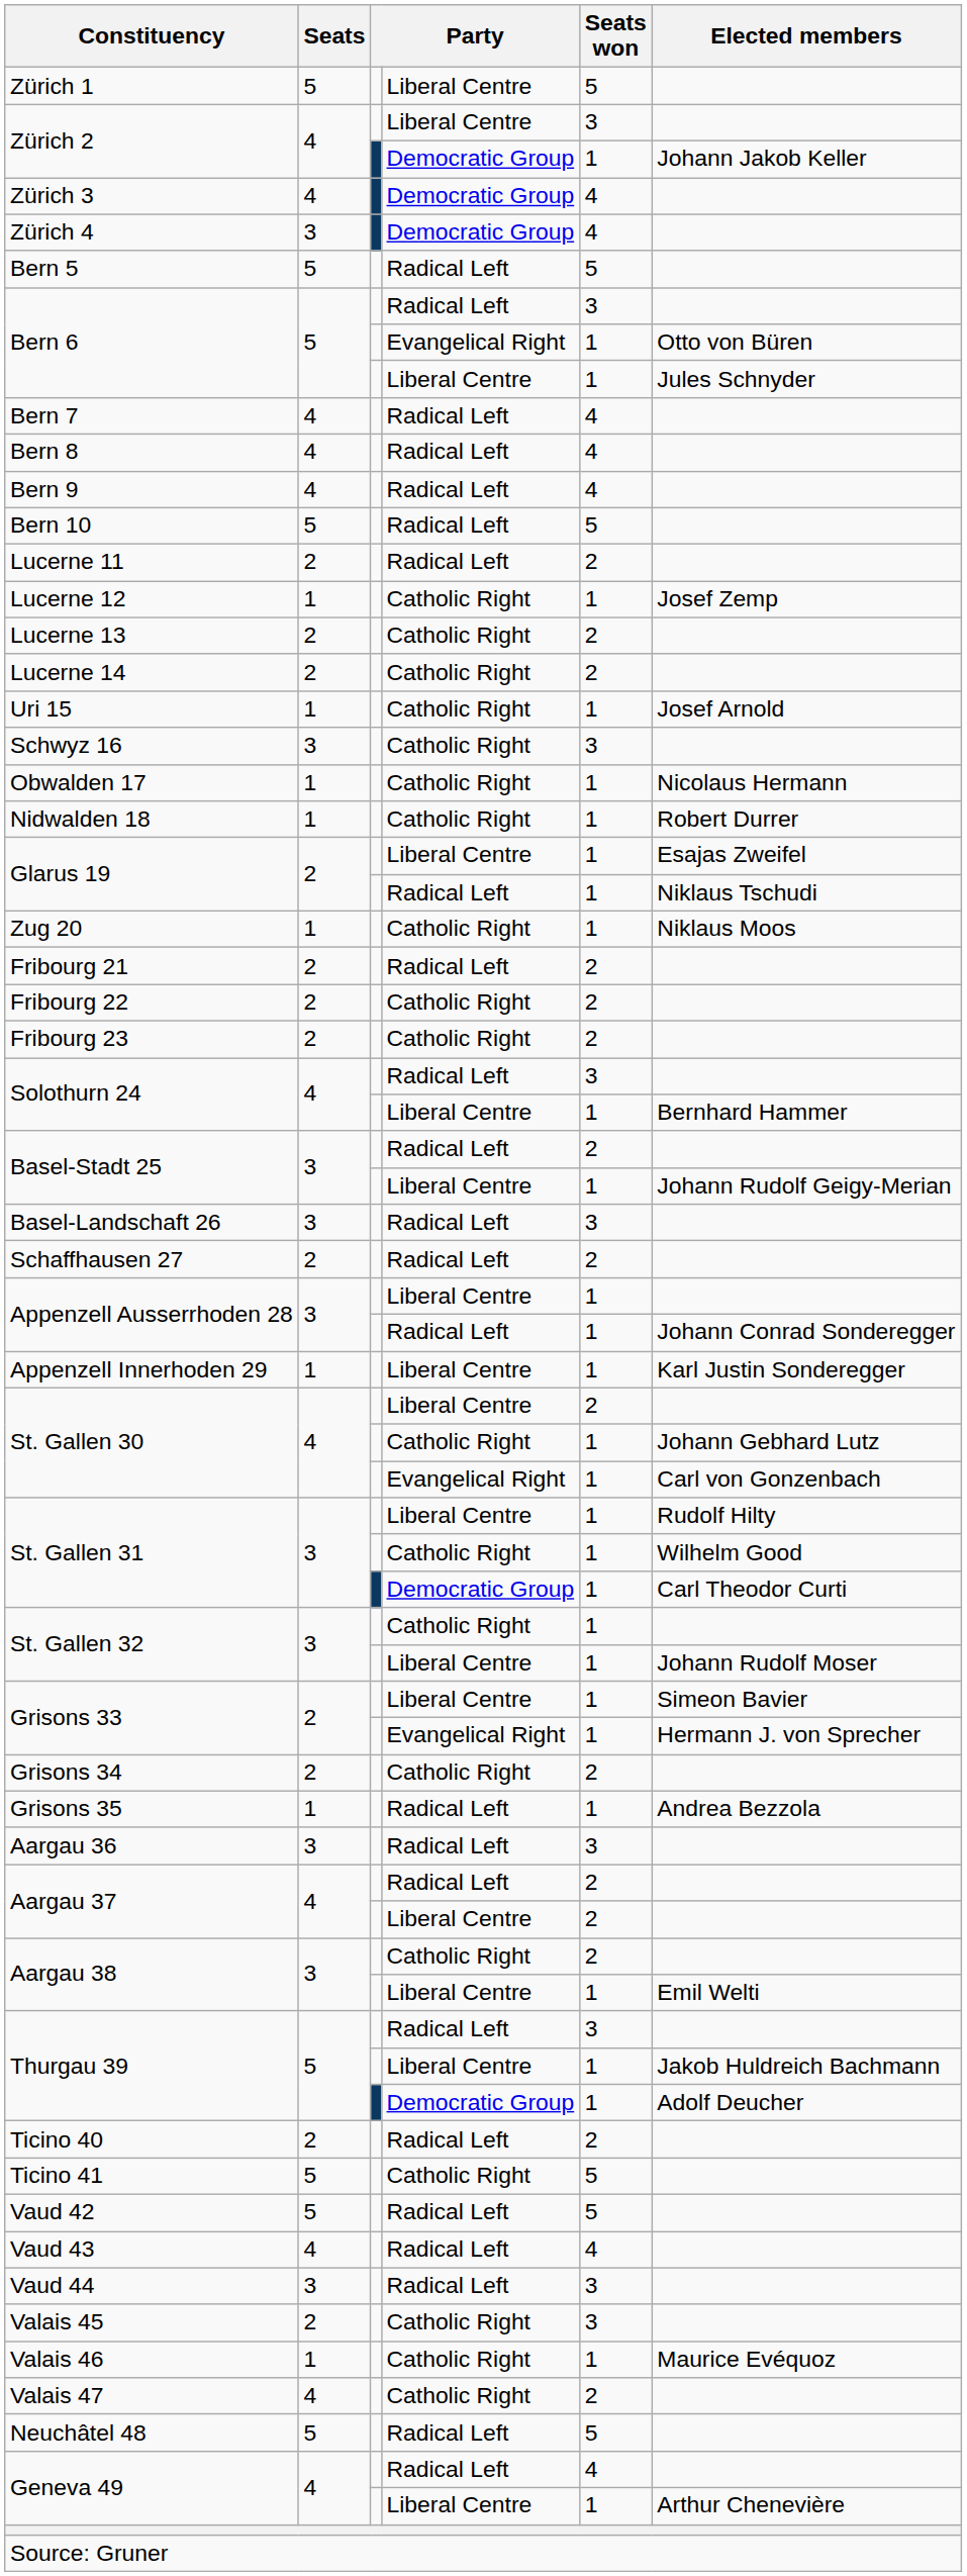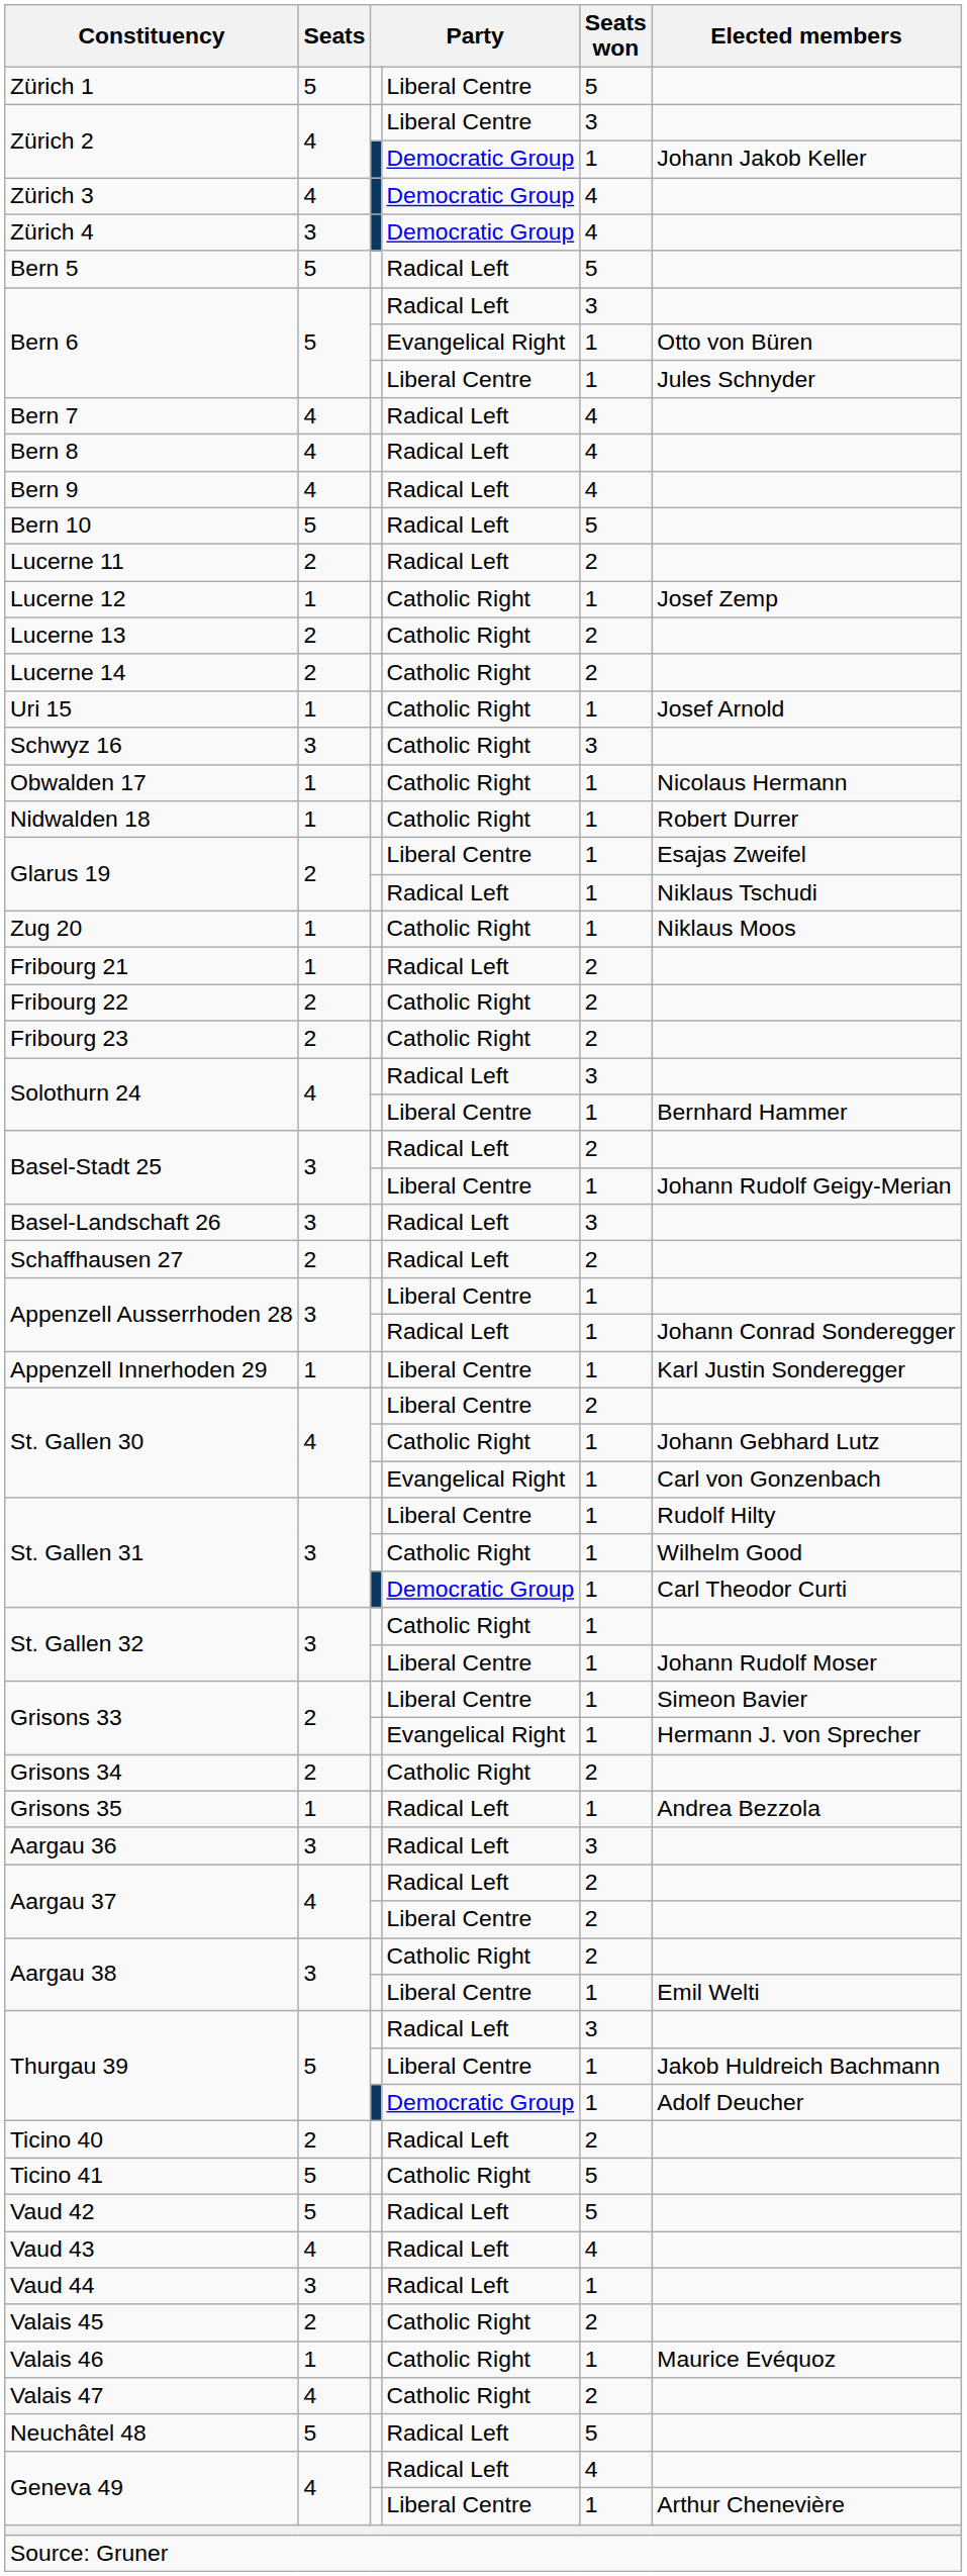 <table class="wikitable">
 <tr>
 <th>Constituency</th>
 <th>Seats</th>
 <th colspan="2">Party</th>
 <th>Seats<br>won</th>
 <th>Elected members</th>
 </tr>
 <tr>
 <td>Zürich 1</td>
 <td>5</td>
 <td style="color:inherit;background:"></td>
 <td>Liberal Centre</td>
 <td>5</td>
 <td></td>
 </tr>
 <tr>
 <td rowspan="2">Zürich 2</td>
 <td rowspan="2">4</td>
 <td style="color:inherit;background:"></td>
 <td>Liberal Centre</td>
 <td>3</td>
 <td></td>
 </tr>
 <tr>
 <td style="color:inherit;background:#0B3861"></td>
 <td><a href='#'>Democratic Group</a></td>
 <td>1</td>
 <td>Johann Jakob Keller</td>
 </tr>
 <tr>
 <td>Zürich 3</td>
 <td>4</td>
 <td style="color:inherit;background:#0B3861"></td>
 <td><a href='#'>Democratic Group</a></td>
 <td>4</td>
 <td></td>
 </tr>
 <tr>
 <td>Zürich 4</td>
 <td>3</td>
 <td style="color:inherit;background:#0B3861"></td>
 <td><a href='#'>Democratic Group</a></td>
 <td>4</td>
 <td></td>
 </tr>
 <tr>
 <td>Bern 5</td>
 <td>5</td>
 <td style="color:inherit;background:"></td>
 <td>Radical Left</td>
 <td>5</td>
 <td></td>
 </tr>
 <tr>
 <td rowspan="3">Bern 6</td>
 <td rowspan="3">5</td>
 <td style="color:inherit;background:"></td>
 <td>Radical Left</td>
 <td>3</td>
 <td></td>
 </tr>
 <tr>
 <td style="color:inherit;background:"></td>
 <td>Evangelical Right</td>
 <td>1</td>
 <td>Otto von Büren</td>
 </tr>
 <tr>
 <td style="color:inherit;background:"></td>
 <td>Liberal Centre</td>
 <td>1</td>
 <td>Jules Schnyder</td>
 </tr>
 <tr>
 <td>Bern 7</td>
 <td>4</td>
 <td style="color:inherit;background:"></td>
 <td>Radical Left</td>
 <td>4</td>
 <td></td>
 </tr>
 <tr>
 <td>Bern 8</td>
 <td>4</td>
 <td style="color:inherit;background:"></td>
 <td>Radical Left</td>
 <td>4</td>
 <td></td>
 </tr>
 <tr>
 <td>Bern 9</td>
 <td>4</td>
 <td style="color:inherit;background:"></td>
 <td>Radical Left</td>
 <td>4</td>
 <td></td>
 </tr>
 <tr>
 <td>Bern 10</td>
 <td>5</td>
 <td style="color:inherit;background:"></td>
 <td>Radical Left</td>
 <td>5</td>
 <td></td>
 </tr>
 <tr>
 <td>Lucerne 11</td>
 <td>2</td>
 <td style="color:inherit;background:"></td>
 <td>Radical Left</td>
 <td>2</td>
 <td></td>
 </tr>
 <tr>
 <td>Lucerne 12</td>
 <td>1</td>
 <td style="color:inherit;background:"></td>
 <td>Catholic Right</td>
 <td>1</td>
 <td>Josef Zemp</td>
 </tr>
 <tr>
 <td>Lucerne 13</td>
 <td>2</td>
 <td style="color:inherit;background:"></td>
 <td>Catholic Right</td>
 <td>2</td>
 <td></td>
 </tr>
 <tr>
 <td>Lucerne 14</td>
 <td>2</td>
 <td style="color:inherit;background:"></td>
 <td>Catholic Right</td>
 <td>2</td>
 <td></td>
 </tr>
 <tr>
 <td>Uri 15</td>
 <td>1</td>
 <td style="color:inherit;background:"></td>
 <td>Catholic Right</td>
 <td>1</td>
 <td>Josef Arnold</td>
 </tr>
 <tr>
 <td>Schwyz 16</td>
 <td>3</td>
 <td style="color:inherit;background:"></td>
 <td>Catholic Right</td>
 <td>3</td>
 <td></td>
 </tr>
 <tr>
 <td>Obwalden 17</td>
 <td>1</td>
 <td style="color:inherit;background:"></td>
 <td>Catholic Right</td>
 <td>1</td>
 <td>Nicolaus Hermann</td>
 </tr>
 <tr>
 <td>Nidwalden 18</td>
 <td>1</td>
 <td style="color:inherit;background:"></td>
 <td>Catholic Right</td>
 <td>1</td>
 <td>Robert Durrer</td>
 </tr>
 <tr>
 <td rowspan="2">Glarus 19</td>
 <td rowspan="2">2</td>
 <td style="color:inherit;background:"></td>
 <td>Liberal Centre</td>
 <td>1</td>
 <td>Esajas Zweifel</td>
 </tr>
 <tr>
 <td style="color:inherit;background:"></td>
 <td>Radical Left</td>
 <td>1</td>
 <td>Niklaus Tschudi</td>
 </tr>
 <tr>
 <td>Zug 20</td>
 <td>1</td>
 <td style="color:inherit;background:"></td>
 <td>Catholic Right</td>
 <td>1</td>
 <td>Niklaus Moos</td>
 </tr>
 <tr>
 <td>Fribourg 21</td>
-<td>2</td>
+<td>1</td>
 <td style="color:inherit;background:"></td>
 <td>Radical Left</td>
 <td>2</td>
 <td></td>
 </tr>
 <tr>
 <td>Fribourg 22</td>
 <td>2</td>
 <td style="color:inherit;background:"></td>
 <td>Catholic Right</td>
 <td>2</td>
 <td></td>
 </tr>
 <tr>
 <td>Fribourg 23</td>
 <td>2</td>
 <td style="color:inherit;background:"></td>
 <td>Catholic Right</td>
 <td>2</td>
 <td></td>
 </tr>
 <tr>
 <td rowspan="2">Solothurn 24</td>
 <td rowspan="2">4</td>
 <td style="color:inherit;background:"></td>
 <td>Radical Left</td>
 <td>3</td>
 <td></td>
 </tr>
 <tr>
 <td style="color:inherit;background:"></td>
 <td>Liberal Centre</td>
 <td>1</td>
 <td>Bernhard Hammer</td>
 </tr>
 <tr>
 <td rowspan="2">Basel-Stadt 25</td>
 <td rowspan="2">3</td>
 <td style="color:inherit;background:"></td>
 <td>Radical Left</td>
 <td>2</td>
 <td></td>
 </tr>
 <tr>
 <td style="color:inherit;background:"></td>
 <td>Liberal Centre</td>
 <td>1</td>
 <td>Johann Rudolf Geigy-Merian</td>
 </tr>
 <tr>
 <td>Basel-Landschaft 26</td>
 <td>3</td>
 <td style="color:inherit;background:"></td>
 <td>Radical Left</td>
 <td>3</td>
 <td></td>
 </tr>
 <tr>
 <td>Schaffhausen 27</td>
 <td>2</td>
 <td style="color:inherit;background:"></td>
 <td>Radical Left</td>
 <td>2</td>
 <td></td>
 </tr>
 <tr>
 <td rowspan="2">Appenzell Ausserrhoden 28</td>
 <td rowspan="2">3</td>
 <td style="color:inherit;background:"></td>
 <td>Liberal Centre</td>
 <td>1</td>
 <td></td>
 </tr>
 <tr>
 <td style="color:inherit;background:"></td>
 <td>Radical Left</td>
 <td>1</td>
 <td>Johann Conrad Sonderegger</td>
 </tr>
 <tr>
 <td>Appenzell Innerhoden 29</td>
 <td>1</td>
 <td style="color:inherit;background:"></td>
 <td>Liberal Centre</td>
 <td>1</td>
 <td>Karl Justin Sonderegger</td>
 </tr>
 <tr>
 <td rowspan="3">St. Gallen 30</td>
 <td rowspan="3">4</td>
 <td style="color:inherit;background:"></td>
 <td>Liberal Centre</td>
 <td>2</td>
 <td></td>
 </tr>
 <tr>
 <td style="color:inherit;background:"></td>
 <td>Catholic Right</td>
 <td>1</td>
 <td>Johann Gebhard Lutz</td>
 </tr>
 <tr>
 <td style="color:inherit;background:"></td>
 <td>Evangelical Right</td>
 <td>1</td>
 <td>Carl von Gonzenbach</td>
 </tr>
 <tr>
 <td rowspan="3">St. Gallen 31</td>
 <td rowspan="3">3</td>
 <td style="color:inherit;background:"></td>
 <td>Liberal Centre</td>
 <td>1</td>
 <td>Rudolf Hilty</td>
 </tr>
 <tr>
 <td style="color:inherit;background:"></td>
 <td>Catholic Right</td>
 <td>1</td>
 <td>Wilhelm Good</td>
 </tr>
 <tr>
 <td style="color:inherit;background:#0B3861"></td>
 <td><a href='#'>Democratic Group</a></td>
 <td>1</td>
 <td>Carl Theodor Curti</td>
 </tr>
 <tr>
 <td rowspan="2">St. Gallen 32</td>
 <td rowspan="2">3</td>
 <td style="color:inherit;background:"></td>
 <td>Catholic Right</td>
 <td>1</td>
 <td></td>
 </tr>
 <tr>
 <td style="color:inherit;background:"></td>
 <td>Liberal Centre</td>
 <td>1</td>
 <td>Johann Rudolf Moser</td>
 </tr>
 <tr>
 <td rowspan="2">Grisons 33</td>
 <td rowspan="2">2</td>
 <td style="color:inherit;background:"></td>
 <td>Liberal Centre</td>
 <td>1</td>
 <td>Simeon Bavier</td>
 </tr>
 <tr>
 <td style="color:inherit;background:"></td>
 <td>Evangelical Right</td>
 <td>1</td>
 <td>Hermann J. von Sprecher</td>
 </tr>
 <tr>
 <td>Grisons 34</td>
 <td>2</td>
 <td style="color:inherit;background:"></td>
 <td>Catholic Right</td>
 <td>2</td>
 <td></td>
 </tr>
 <tr>
 <td>Grisons 35</td>
 <td>1</td>
 <td style="color:inherit;background:"></td>
 <td>Radical Left</td>
 <td>1</td>
 <td>Andrea Bezzola</td>
 </tr>
 <tr>
 <td>Aargau 36</td>
 <td>3</td>
 <td style="color:inherit;background:"></td>
 <td>Radical Left</td>
 <td>3</td>
 <td></td>
 </tr>
 <tr>
 <td rowspan="2">Aargau 37</td>
 <td rowspan="2">4</td>
 <td style="color:inherit;background:"></td>
 <td>Radical Left</td>
 <td>2</td>
 <td></td>
 </tr>
 <tr>
 <td style="color:inherit;background:"></td>
 <td>Liberal Centre</td>
 <td>2</td>
 <td></td>
 </tr>
 <tr>
 <td rowspan="2">Aargau 38</td>
 <td rowspan="2">3</td>
 <td style="color:inherit;background:"></td>
 <td>Catholic Right</td>
 <td>2</td>
 <td></td>
 </tr>
 <tr>
 <td style="color:inherit;background:"></td>
 <td>Liberal Centre</td>
 <td>1</td>
 <td>Emil Welti</td>
 </tr>
 <tr>
 <td rowspan="3">Thurgau 39</td>
 <td rowspan="3">5</td>
 <td style="color:inherit;background:"></td>
 <td>Radical Left</td>
 <td>3</td>
 <td></td>
 </tr>
 <tr>
 <td style="color:inherit;background:"></td>
 <td>Liberal Centre</td>
 <td>1</td>
 <td>Jakob Huldreich Bachmann</td>
 </tr>
 <tr>
 <td style="color:inherit;background:#0B3861"></td>
 <td><a href='#'>Democratic Group</a></td>
 <td>1</td>
 <td>Adolf Deucher</td>
 </tr>
 <tr>
 <td>Ticino 40</td>
 <td>2</td>
 <td style="color:inherit;background:"></td>
 <td>Radical Left</td>
 <td>2</td>
 <td></td>
 </tr>
 <tr>
 <td>Ticino 41</td>
 <td>5</td>
 <td style="color:inherit;background:"></td>
 <td>Catholic Right</td>
 <td>5</td>
 <td></td>
 </tr>
 <tr>
 <td>Vaud 42</td>
 <td>5</td>
 <td style="color:inherit;background:"></td>
 <td>Radical Left</td>
 <td>5</td>
 <td></td>
 </tr>
 <tr>
 <td>Vaud 43</td>
 <td>4</td>
 <td style="color:inherit;background:"></td>
 <td>Radical Left</td>
 <td>4</td>
 <td></td>
 </tr>
 <tr>
 <td>Vaud 44</td>
 <td>3</td>
 <td style="color:inherit;background:"></td>
 <td>Radical Left</td>
-<td>3</td>
+<td>1</td>
 <td></td>
 </tr>
 <tr>
 <td>Valais 45</td>
 <td>2</td>
 <td style="color:inherit;background:"></td>
 <td>Catholic Right</td>
-<td>3</td>
+<td>2</td>
 <td></td>
 </tr>
 <tr>
 <td>Valais 46</td>
 <td>1</td>
 <td style="color:inherit;background:"></td>
 <td>Catholic Right</td>
 <td>1</td>
 <td>Maurice Evéquoz</td>
 </tr>
 <tr>
 <td>Valais 47</td>
 <td>4</td>
 <td style="color:inherit;background:"></td>
 <td>Catholic Right</td>
 <td>2</td>
 <td></td>
 </tr>
 <tr>
 <td>Neuchâtel 48</td>
 <td>5</td>
 <td style="color:inherit;background:"></td>
 <td>Radical Left</td>
 <td>5</td>
 <td></td>
 </tr>
 <tr>
 <td rowspan="2">Geneva 49</td>
 <td rowspan="2">4</td>
 <td style="color:inherit;background:"></td>
 <td>Radical Left</td>
 <td>4</td>
 <td></td>
 </tr>
 <tr>
 <td style="color:inherit;background:"></td>
 <td>Liberal Centre</td>
 <td>1</td>
 <td>Arthur Chenevière</td>
 </tr>
 <tr>
 <th colspan="6"></th>
 </tr>
 <tr>
 <td colspan="6">Source: Gruner</td>
 </tr>
 </table>
